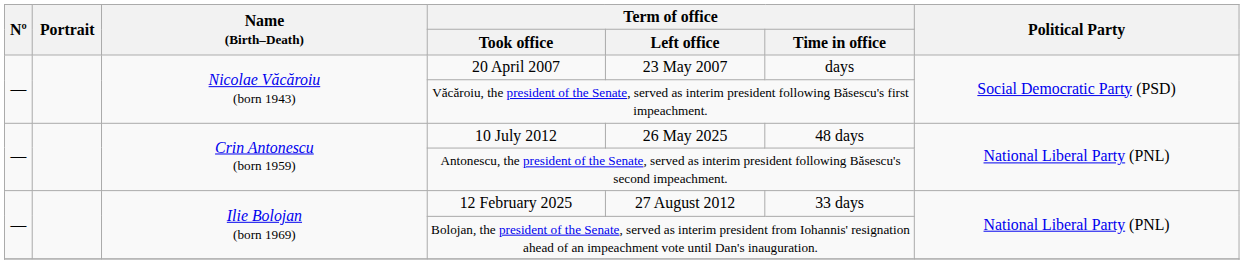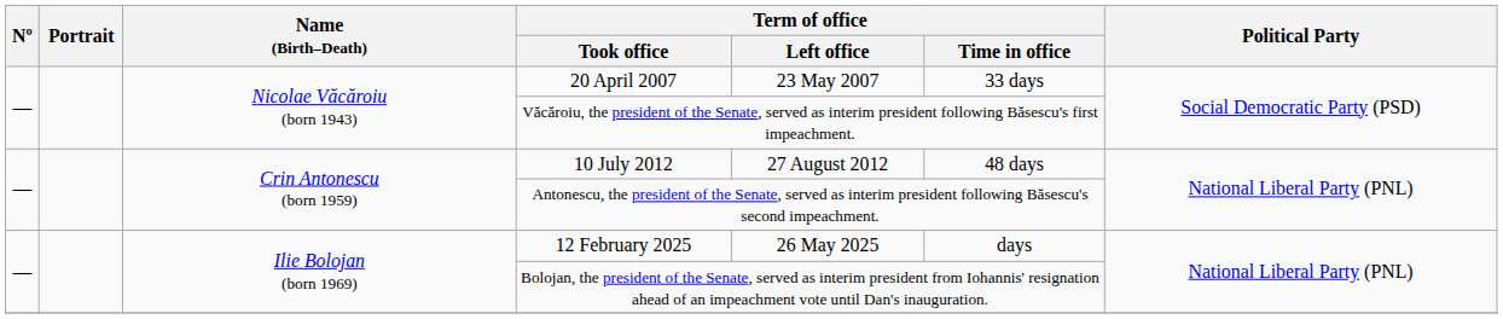 <table class=wikitable style=text-align:center>
 <tr>
 <th rowspan="2" width="1%">Nº</th>
 <th rowspan="2" width="2%">Portrait</th>
 <th rowspan="2" width="20%">Name<br><small>(Birth–Death)</small></th>
 <th colspan="3" width="30%">Term of office</th>
 <th rowspan="2" width="20%">Political Party</th>
 </tr>
 <tr>
 <th>Took office</th>
 <th>Left office</th>
 <th>Time in office</th>
 </tr>
 <tr>
 <td rowspan="2" style="background:">—</td>
 <td rowspan="2"></td>
 <td rowspan="2" align="center"><em><a href='#'>Nicolae Văcăroiu</a></em><br><small>(born 1943)</small></td>
 <td>20 April 2007</td>
 <td>23 May 2007</td>
-<td> days</td>
+<td>33 days</td>
 <td rowspan="2"><a href='#'>Social Democratic Party</a> (PSD)</td>
 </tr>
 <tr>
 <td colspan="3"><small>Văcăroiu, the <a href='#'>president of the Senate</a>, served as interim president following Băsescu's first impeachment.</small></td>
 </tr>
 <tr>
 <td rowspan="2" style="background:">—</td>
 <td rowspan="2"></td>
 <td rowspan="2" align="center"><em><a href='#'>Crin Antonescu</a></em><br><small>(born 1959)</small></td>
 <td>10 July 2012</td>
-<td>26 May 2025</td>
+<td>27 August 2012</td>
 <td>48 days</td>
 <td rowspan="2"><a href='#'>National Liberal Party</a> (PNL)</td>
 </tr>
 <tr>
 <td colspan="3"><small>Antonescu, the <a href='#'>president of the Senate</a>, served as interim president following Băsescu's second impeachment.</small></td>
 </tr>
 <tr>
 <td rowspan="2" style="background:">—</td>
 <td rowspan="2"></td>
 <td rowspan="2" align="center"><em><a href='#'>Ilie Bolojan</a></em><br><small>(born 1969)</small></td>
 <td>12 February 2025</td>
-<td>27 August 2012</td>
-<td>33 days</td>
+<td>26 May 2025</td>
+<td> days</td>
 <td rowspan="2"><a href='#'>National Liberal Party</a> (PNL)</td>
 </tr>
 <tr>
 <td colspan="3"><small>Bolojan, the <a href='#'>president of the Senate</a>, served as interim president from Iohannis' resignation ahead of an impeachment vote until Dan's inauguration.</small></td>
 </tr>
 <tr>
 </tr>
 <tr>
 </tr>
 </table>
